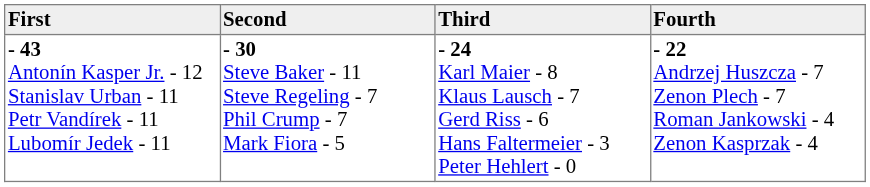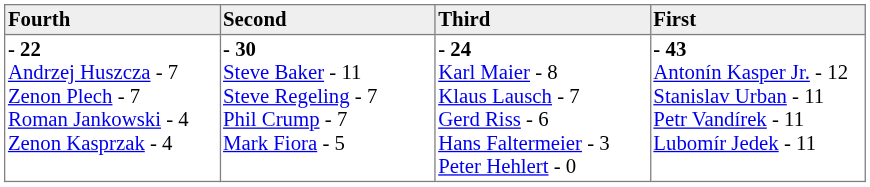 <table border=1 cellpadding=2 cellspacing=0 width=75% style="border-collapse:collapse">
 <tr align=left style="background:#efefef;">
-<th width=20%>First</th>
+<th width=20%>Fourth</th>
 <th width=20%>Second</th>
 <th width=20%>Third</th>
-<th width=20%>Fourth</th>
+<th width=20%>First</th>
 </tr>
 <tr align=left>
-<td valign=top><strong> - 43</strong><br><a href='#'>Antonín Kasper Jr.</a> - 12 <br><a href='#'>Stanislav Urban</a> - 11 <br><a href='#'>Petr Vandírek</a> - 11 <br><a href='#'>Lubomír Jedek</a> - 11</td>
+<td valign=top><strong> - 22</strong><br><a href='#'>Andrzej Huszcza</a> - 7 <br><a href='#'>Zenon Plech</a> - 7 <br><a href='#'>Roman Jankowski</a> - 4 <br><a href='#'>Zenon Kasprzak</a> - 4</td>
 <td valign=top><strong> - 30</strong><br><a href='#'>Steve Baker</a> - 11 <br><a href='#'>Steve Regeling</a> - 7 <br><a href='#'>Phil Crump</a> - 7 <br><a href='#'>Mark Fiora</a> - 5</td>
 <td valign=top><strong> - 24</strong><br><a href='#'>Karl Maier</a> - 8 <br><a href='#'>Klaus Lausch</a> - 7 <br><a href='#'>Gerd Riss</a> - 6 <br><a href='#'>Hans Faltermeier</a> - 3 <br><a href='#'>Peter Hehlert</a> - 0</td>
-<td valign=top><strong> - 22</strong><br><a href='#'>Andrzej Huszcza</a> - 7 <br><a href='#'>Zenon Plech</a> - 7 <br><a href='#'>Roman Jankowski</a> - 4 <br><a href='#'>Zenon Kasprzak</a> - 4</td>
+<td valign=top><strong> - 43</strong><br><a href='#'>Antonín Kasper Jr.</a> - 12 <br><a href='#'>Stanislav Urban</a> - 11 <br><a href='#'>Petr Vandírek</a> - 11 <br><a href='#'>Lubomír Jedek</a> - 11</td>
 </tr>
 </table>
